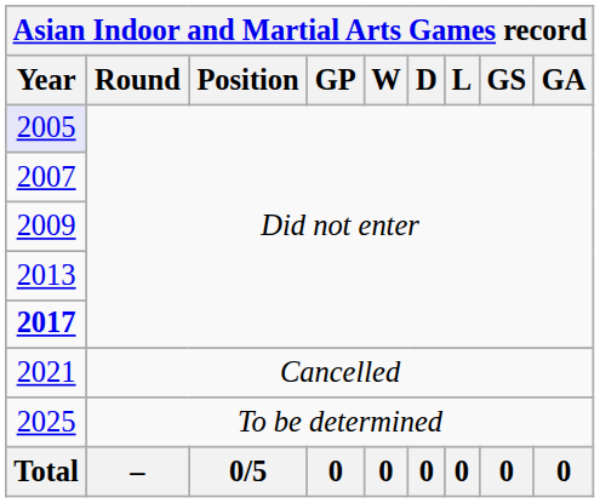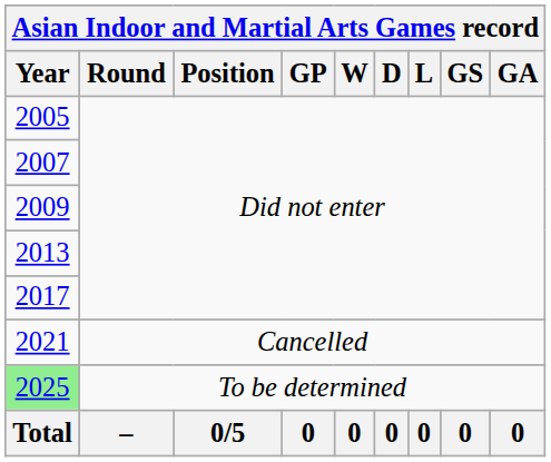 <table class="wikitable" style="text-align: center;font-size:90%;">
 <tr>
 <th colspan=9><a href='#'>Asian Indoor and Martial Arts Games</a> record</th>
 </tr>
 <tr>
 <th>Year</th>
 <th>Round</th>
 <th>Position</th>
 <th>GP</th>
 <th>W</th>
 <th>D</th>
 <th>L</th>
 <th>GS</th>
 <th>GA</th>
 </tr>
 <tr>
-<td style="background: lavender;"> <a href='#'>2005</a></td>
+<td> <a href='#'>2005</a></td>
 <td colspan=8 rowspan=5><em>Did not enter</em></td>
 </tr>
 <tr>
 <td> <a href='#'>2007</a></td>
 </tr>
 <tr>
 <td> <a href='#'>2009</a></td>
 </tr>
 <tr>
 <td> <a href='#'>2013</a></td>
 </tr>
 <tr>
-<td><strong> <a href='#'>2017</a></strong></td>
+<td> <a href='#'>2017</a></td>
 </tr>
 <tr>
 <td> <a href='#'>2021</a></td>
 <td colspan=8><em>Cancelled</em></td>
 </tr>
 <tr>
-<td> <a href='#'>2025</a></td>
+<td style="background: lightgreen;"> <a href='#'>2025</a></td>
 <td colspan=8><em>To be determined</em></td>
 </tr>
 <tr>
 <th><strong>Total</strong></th>
 <th>–</th>
 <th><strong>0/5</strong></th>
 <th><strong>0</strong></th>
 <th><strong>0</strong></th>
 <th><strong>0</strong></th>
 <th><strong>0</strong></th>
 <th><strong>0</strong></th>
 <th><strong>0</strong></th>
 </tr>
 </table>
